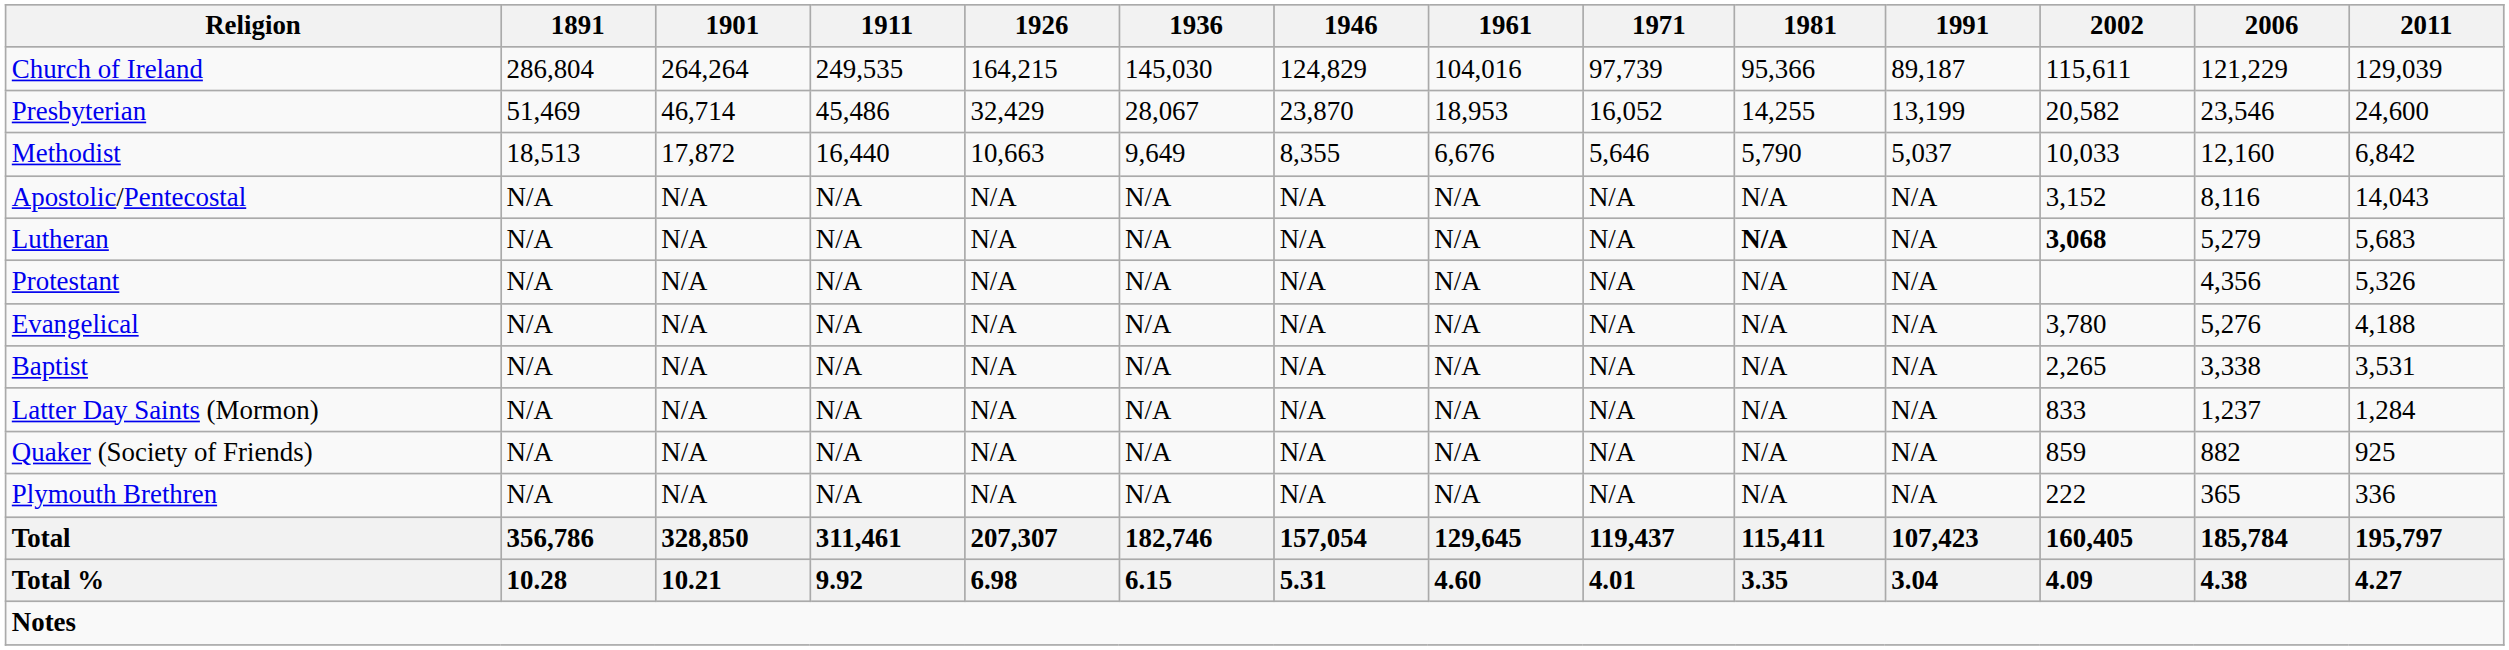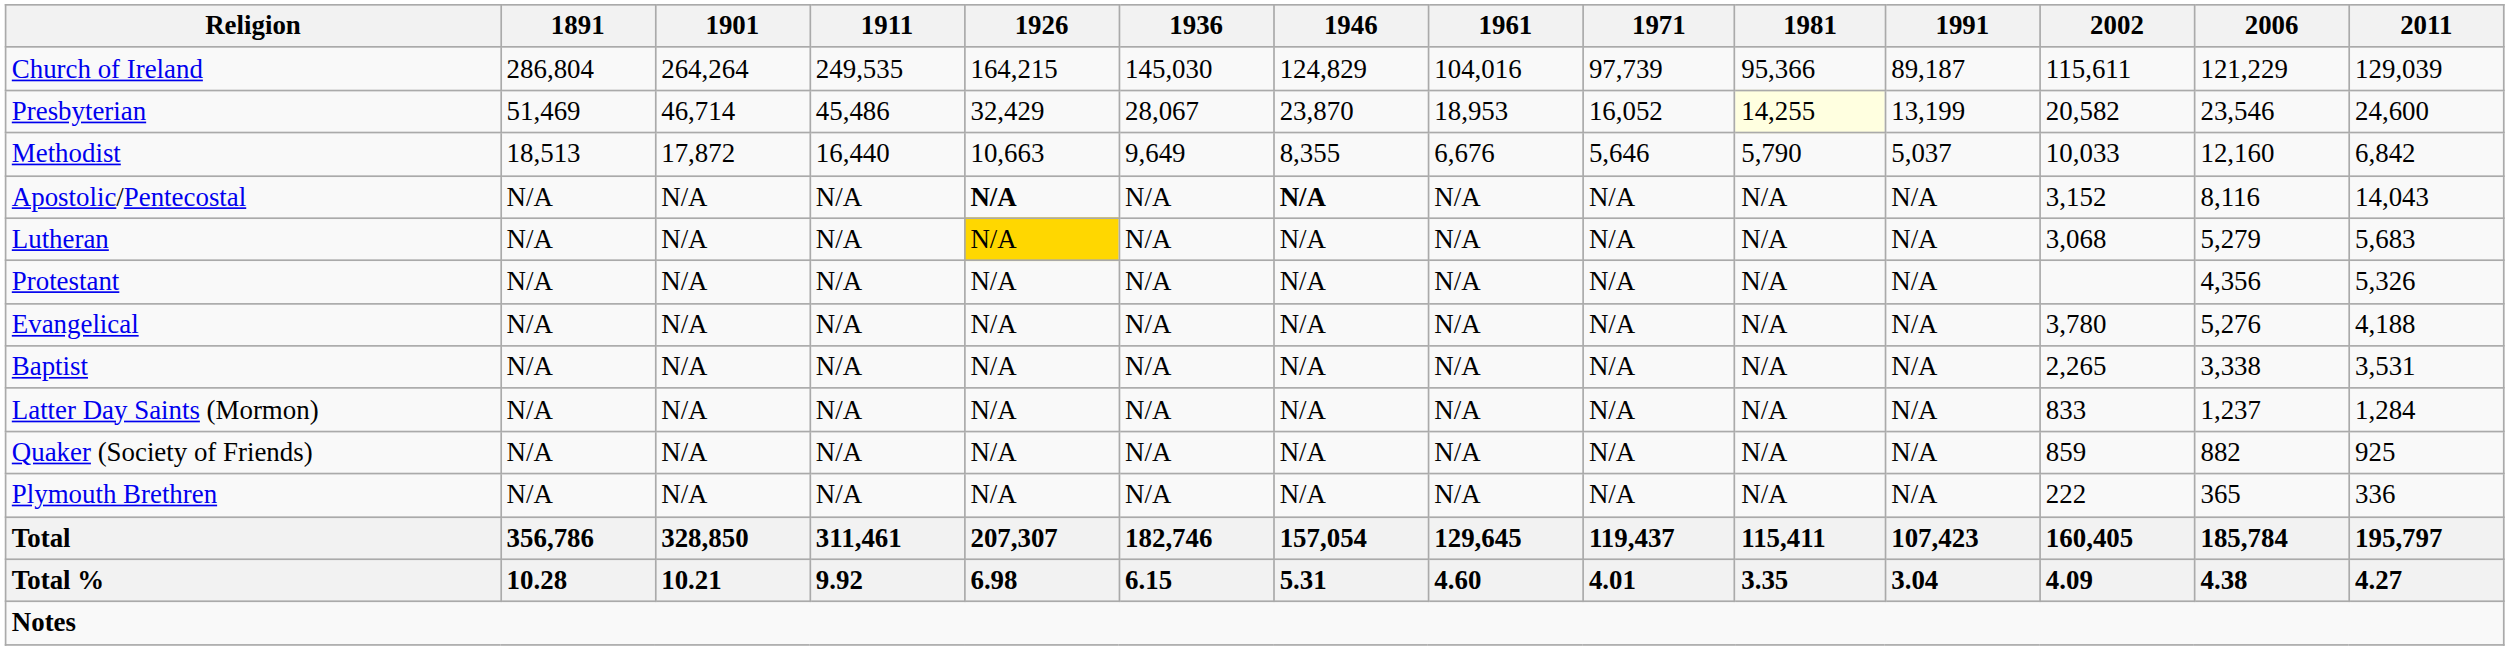 <table class="wikitable" style="margin-left:2em; width:75%; font-size:100%;">
 <tr background:#FFFFFF;>
 <th>Religion</th>
 <th>1891</th>
 <th>1901</th>
 <th>1911</th>
 <th>1926</th>
 <th>1936</th>
 <th>1946</th>
 <th>1961</th>
 <th>1971</th>
 <th>1981</th>
 <th>1991</th>
 <th>2002</th>
 <th>2006</th>
 <th>2011</th>
 </tr>
 <tr>
 <td><a href='#'>Church of Ireland</a></td>
 <td>286,804</td>
 <td>264,264</td>
 <td>249,535</td>
 <td>164,215</td>
 <td>145,030</td>
 <td>124,829</td>
 <td>104,016</td>
 <td>97,739</td>
 <td>95,366</td>
 <td>89,187</td>
 <td>115,611</td>
 <td>121,229</td>
 <td>129,039</td>
 </tr>
 <tr>
 <td><a href='#'>Presbyterian</a></td>
 <td>51,469</td>
 <td>46,714</td>
 <td>45,486</td>
 <td>32,429</td>
 <td>28,067</td>
 <td>23,870</td>
 <td>18,953</td>
 <td>16,052</td>
-<td>14,255</td>
+<td style="background: lightyellow;">14,255</td>
 <td>13,199</td>
 <td>20,582</td>
 <td>23,546</td>
 <td>24,600</td>
 </tr>
 <tr>
 <td><a href='#'>Methodist</a></td>
 <td>18,513</td>
 <td>17,872</td>
 <td>16,440</td>
 <td>10,663</td>
 <td>9,649</td>
 <td>8,355</td>
 <td>6,676</td>
 <td>5,646</td>
 <td>5,790</td>
 <td>5,037</td>
 <td>10,033</td>
 <td>12,160</td>
 <td>6,842</td>
 </tr>
 <tr>
 <td><a href='#'>Apostolic</a>/<a href='#'>Pentecostal</a></td>
 <td>N/A</td>
 <td>N/A</td>
 <td>N/A</td>
+<td><strong>N/A</strong></td>
 <td>N/A</td>
-<td>N/A</td>
-<td>N/A</td>
+<td><strong>N/A</strong></td>
 <td>N/A</td>
 <td>N/A</td>
 <td>N/A</td>
 <td>N/A</td>
 <td>3,152</td>
 <td>8,116</td>
 <td>14,043</td>
 </tr>
 <tr>
 <td><a href='#'>Lutheran</a></td>
 <td>N/A</td>
 <td>N/A</td>
 <td>N/A</td>
+<td style="background: gold;">N/A</td>
 <td>N/A</td>
 <td>N/A</td>
 <td>N/A</td>
 <td>N/A</td>
 <td>N/A</td>
-<td><strong>N/A</strong></td>
 <td>N/A</td>
-<td><strong>3,068</strong></td>
+<td>3,068</td>
 <td>5,279</td>
 <td>5,683</td>
 </tr>
 <tr>
 <td><a href='#'>Protestant</a></td>
 <td>N/A</td>
 <td>N/A</td>
 <td>N/A</td>
 <td>N/A</td>
 <td>N/A</td>
 <td>N/A</td>
 <td>N/A</td>
 <td>N/A</td>
 <td>N/A</td>
 <td>N/A</td>
 <td></td>
 <td>4,356</td>
 <td>5,326</td>
 </tr>
 <tr>
 <td><a href='#'>Evangelical</a></td>
 <td>N/A</td>
 <td>N/A</td>
 <td>N/A</td>
 <td>N/A</td>
 <td>N/A</td>
 <td>N/A</td>
 <td>N/A</td>
 <td>N/A</td>
 <td>N/A</td>
 <td>N/A</td>
 <td>3,780</td>
 <td>5,276</td>
 <td>4,188</td>
 </tr>
 <tr>
 <td><a href='#'>Baptist</a></td>
 <td>N/A</td>
 <td>N/A</td>
 <td>N/A</td>
 <td>N/A</td>
 <td>N/A</td>
 <td>N/A</td>
 <td>N/A</td>
 <td>N/A</td>
 <td>N/A</td>
 <td>N/A</td>
 <td>2,265</td>
 <td>3,338</td>
 <td>3,531</td>
 </tr>
 <tr>
 <td><a href='#'>Latter Day Saints</a> (Mormon)</td>
 <td>N/A</td>
 <td>N/A</td>
 <td>N/A</td>
 <td>N/A</td>
 <td>N/A</td>
 <td>N/A</td>
 <td>N/A</td>
 <td>N/A</td>
 <td>N/A</td>
 <td>N/A</td>
 <td>833</td>
 <td>1,237</td>
 <td>1,284</td>
 </tr>
 <tr>
 <td><a href='#'>Quaker</a> (Society of Friends)</td>
 <td>N/A</td>
 <td>N/A</td>
 <td>N/A</td>
 <td>N/A</td>
 <td>N/A</td>
 <td>N/A</td>
 <td>N/A</td>
 <td>N/A</td>
 <td>N/A</td>
 <td>N/A</td>
 <td>859</td>
 <td>882</td>
 <td>925</td>
 </tr>
 <tr>
 <td><a href='#'>Plymouth Brethren</a></td>
 <td>N/A</td>
 <td>N/A</td>
 <td>N/A</td>
 <td>N/A</td>
 <td>N/A</td>
 <td>N/A</td>
 <td>N/A</td>
 <td>N/A</td>
 <td>N/A</td>
 <td>N/A</td>
 <td>222</td>
 <td>365</td>
 <td>336</td>
 </tr>
 <tr>
 <th style="text-align:left">Total</th>
 <th style="text-align:left">356,786</th>
 <th style="text-align:left">328,850</th>
 <th style="text-align:left">311,461</th>
 <th style="text-align:left">207,307</th>
 <th style="text-align:left">182,746</th>
 <th style="text-align:left">157,054</th>
 <th style="text-align:left">129,645</th>
 <th style="text-align:left">119,437</th>
 <th style="text-align:left">115,411</th>
 <th style="text-align:left">107,423</th>
 <th style="text-align:left">160,405</th>
 <th style="text-align:left">185,784</th>
 <th style="text-align:left">195,797</th>
 </tr>
 <tr>
 <th style="text-align:left">Total %</th>
 <th style="text-align:left">10.28</th>
 <th style="text-align:left">10.21</th>
 <th style="text-align:left">9.92</th>
 <th style="text-align:left">6.98</th>
 <th style="text-align:left">6.15</th>
 <th style="text-align:left">5.31</th>
 <th style="text-align:left">4.60</th>
 <th style="text-align:left">4.01</th>
 <th style="text-align:left">3.35</th>
 <th style="text-align:left">3.04</th>
 <th style="text-align:left">4.09</th>
 <th style="text-align:left">4.38</th>
 <th style="text-align:left">4.27</th>
 </tr>
 <tr>
 <td colspan="15"><strong>Notes</strong><br></td>
 </tr>
 </table>
